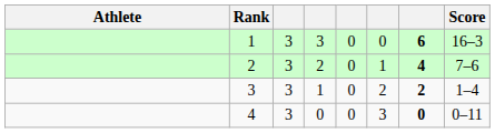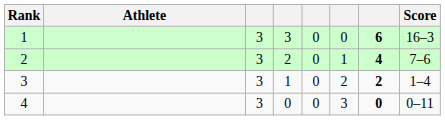 <table class="wikitable" style="text-align: center;">
 <tr>
+<th width=25>Rank</th>
 <th width=225>Athlete</th>
-<th width=25>Rank</th>
 <th width=25></th>
 <th width=25></th>
 <th width=25></th>
 <th width=25></th>
 <th width=40></th>
 <th width=40>Score</th>
 </tr>
 <tr bgcolor=ccffcc>
+<td>1</td>
 <td align=left></td>
-<td>1</td>
 <td>3</td>
 <td>3</td>
 <td>0</td>
 <td>0</td>
 <td><strong>6</strong></td>
 <td>16–3</td>
 </tr>
 <tr bgcolor=ccffcc>
+<td>2</td>
 <td align=left></td>
-<td>2</td>
 <td>3</td>
 <td>2</td>
 <td>0</td>
 <td>1</td>
 <td><strong>4</strong></td>
 <td>7–6</td>
 </tr>
 <tr>
+<td>3</td>
 <td align=left></td>
-<td>3</td>
 <td>3</td>
 <td>1</td>
 <td>0</td>
 <td>2</td>
 <td><strong>2</strong></td>
 <td>1–4</td>
 </tr>
 <tr>
+<td>4</td>
 <td align=left></td>
-<td>4</td>
 <td>3</td>
 <td>0</td>
 <td>0</td>
 <td>3</td>
 <td><strong>0</strong></td>
 <td>0–11</td>
 </tr>
 </table>
